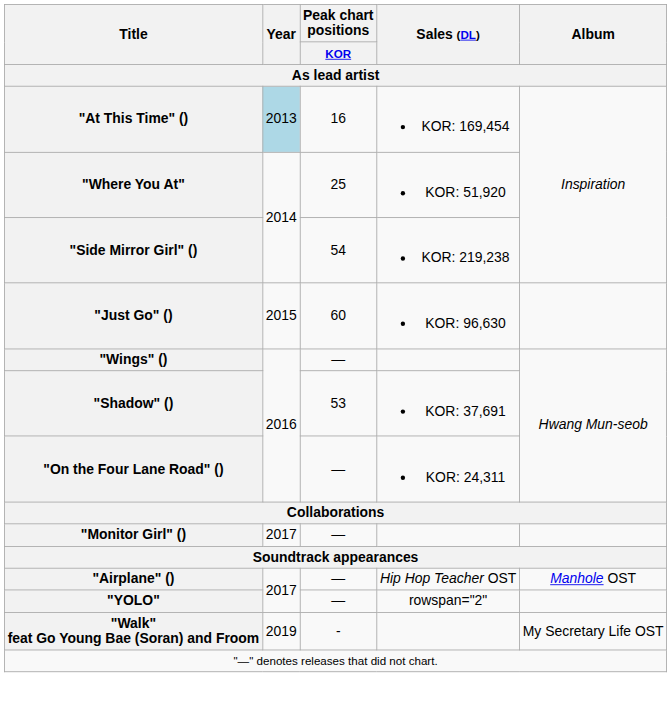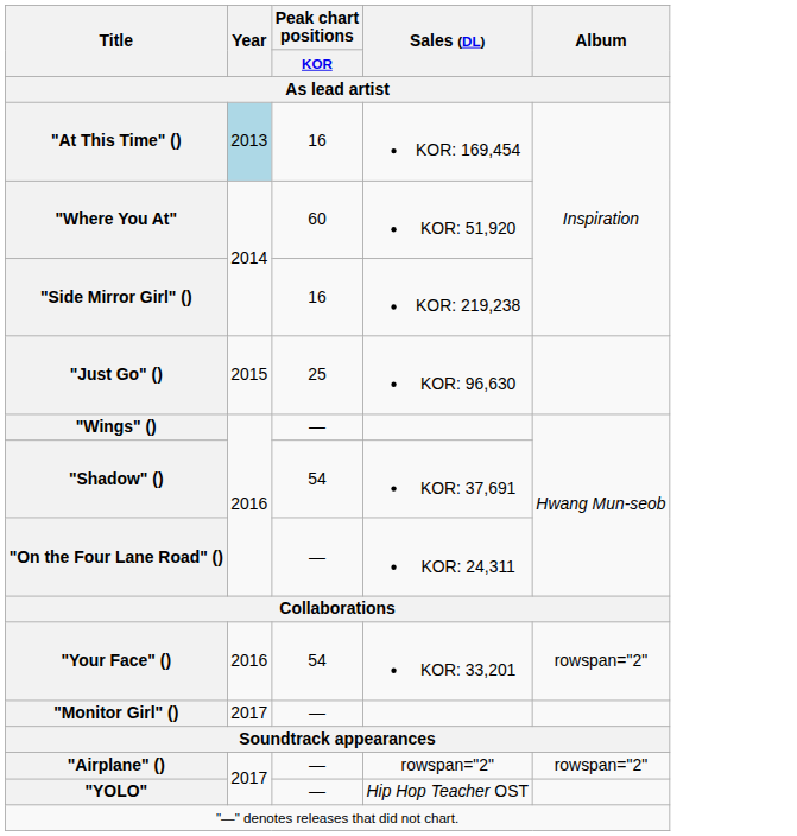 <table class="wikitable plainrowheaders" style="text-align:center;">
 <tr>
 <th scope="col" rowspan="2">Title</th>
 <th scope="col" rowspan="2">Year</th>
 <th scope="col" colspan="1">Peak chart <br> positions</th>
 <th scope="col" rowspan="2">Sales <small>(<a href='#'>DL</a>)</small></th>
 <th scope="col" rowspan="2">Album</th>
 </tr>
 <tr>
 <th><small><a href='#'>KOR</a></small><br></th>
 </tr>
 <tr>
 <th scope="col" colspan="5">As lead artist</th>
 </tr>
 <tr>
 <th scope="row">"At This Time" ()<br></th>
 <td style="background: lightblue;">2013</td>
 <td>16</td>
 <td><br><ul><li>KOR: 169,454</li></ul></td>
 <td rowspan="3"><em>Inspiration</em></td>
 </tr>
 <tr>
 <th scope="row">"Where You At"<br></th>
 <td rowspan="2">2014</td>
-<td>25</td>
+<td>60</td>
 <td><br><ul><li>KOR: 51,920</li></ul></td>
 </tr>
 <tr>
 <th scope="row">"Side Mirror Girl" ()<br></th>
-<td>54</td>
+<td>16</td>
 <td><br><ul><li>KOR: 219,238</li></ul></td>
 </tr>
 <tr>
 <th scope="row">"Just Go" ()<br></th>
 <td>2015</td>
-<td>60</td>
+<td>25</td>
 <td><br><ul><li>KOR: 96,630</li></ul></td>
 <td></td>
 </tr>
 <tr>
 <th scope="row">"Wings" ()<br></th>
 <td rowspan="3">2016</td>
 <td>—</td>
 <td></td>
 <td rowspan="3"><em>Hwang Mun-seob</em></td>
 </tr>
 <tr>
 <th scope="row">"Shadow" ()<br></th>
-<td>53</td>
+<td>54</td>
 <td><br><ul><li>KOR: 37,691</li></ul></td>
 </tr>
 <tr>
 <th scope="row">"On the Four Lane Road" ()<br></th>
 <td>—</td>
 <td><br><ul><li>KOR: 24,311</li></ul></td>
 </tr>
 <tr>
 <th scope="col" colspan="5">Collaborations</th>
+</tr>
+<tr>
+<th scope="row">"Your Face" ()<br></th>
+<td>2016</td>
+<td>54</td>
+<td><br><ul><li>KOR: 33,201</li></ul></td>
+<td>rowspan="2" </td>
 </tr>
 <tr>
 <th scope="row">"Monitor Girl" ()<br></th>
 <td>2017</td>
 <td>—</td>
 <td></td>
 </tr>
 <tr>
 <th scope="col" colspan="5">Soundtrack appearances</th>
 </tr>
 <tr>
 <th scope="row">"Airplane" ()<br></th>
 <td rowspan="2">2017</td>
 <td>—</td>
-<td><em>Hip Hop Teacher</em> OST</td>
-<td><em><a href='#'>Manhole</a></em> OST</td>
+<td>rowspan="2" </td>
+<td>rowspan="2" </td>
 </tr>
 <tr>
 <th scope="row">"YOLO"</th>
 <td>—</td>
-<td>rowspan="2" </td>
-</tr>
-<tr>
-<th>"Walk"<br>feat Go Young Bae (Soran) and Froom</th>
-<td>2019</td>
-<td>-<br></td>
-<td></td>
-<td>My Secretary Life OST</td>
+<td><em>Hip Hop Teacher</em> OST</td>
 </tr>
 <tr>
 <td colspan="5" align="center"><small>"—" denotes releases that did not chart.</small></td>
 </tr>
 </table>
